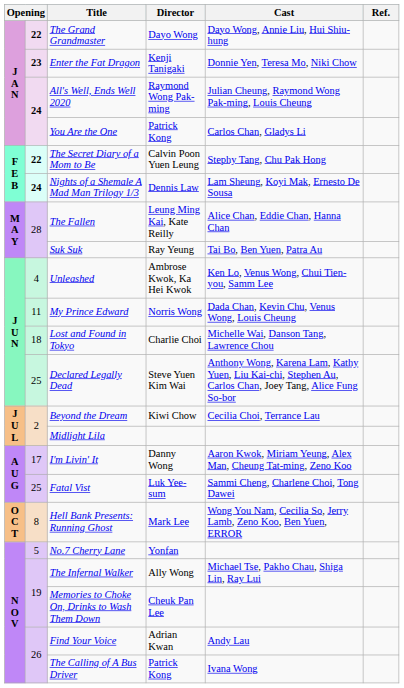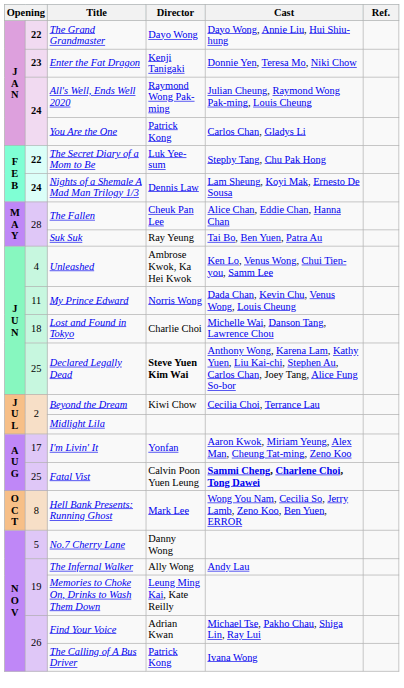 <table class="wikitable">
 <tr style="background:#b0e0e6; text-align:center;">
 <th colspan="2" style="width:6%;"><strong>Opening</strong></th>
 <th style="width:25%;"><strong>Title</strong></th>
 <th style="width:15%;"><strong>Director</strong></th>
 <th style="width:40%;"><strong>Cast</strong></th>
 <th>Ref.</th>
 </tr>
 <tr January>
 <td rowspan="4" style="text-align:center; background:plum; textcolor:#000;"><strong>J<br>A<br>N</strong></td>
 <td rowspan="1" style="text-align:center;background:#f1daf1;"><strong>22</strong></td>
 <td><em><a href='#'>The Grand Grandmaster</a></em></td>
 <td><a href='#'>Dayo Wong</a></td>
 <td><a href='#'>Dayo Wong</a>, <a href='#'>Annie Liu</a>, <a href='#'>Hui Shiu-hung</a></td>
 <td></td>
 </tr>
 <tr>
 <td rowspan="1" style="text-align:center;background:#f1daf1;"><strong>23</strong></td>
 <td><em><a href='#'>Enter the Fat Dragon</a></em></td>
 <td><a href='#'>Kenji Tanigaki</a></td>
 <td><a href='#'>Donnie Yen</a>, <a href='#'>Teresa Mo</a>, <a href='#'>Niki Chow</a></td>
 <td></td>
 </tr>
 <tr>
 <td rowspan="2" style="text-align:center;background:#f1daf1;"><strong>24</strong></td>
 <td><em><a href='#'>All's Well, Ends Well 2020</a></em></td>
 <td><a href='#'>Raymond Wong Pak-ming</a></td>
 <td><a href='#'>Julian Cheung</a>, <a href='#'>Raymond Wong Pak-ming</a>, <a href='#'>Louis Cheung</a></td>
 <td></td>
 </tr>
 <tr>
 <td><em><a href='#'>You Are the One</a></em></td>
 <td><a href='#'>Patrick Kong</a></td>
 <td><a href='#'>Carlos Chan</a>, <a href='#'>Gladys Li</a></td>
 <td></td>
 </tr>
 <tr>
 <td rowspan="2" style="text-align:center; background:#7FFFD4; textcolor:#000;"><strong>F<br>E<br>B</strong></td>
 <td rowspan="1" style="text-align:center;background:#dbfff8;"><strong>22</strong></td>
 <td><em><a href='#'>The Secret Diary of a Mom to Be</a></em></td>
-<td>Calvin Poon Yuen Leung</td>
+<td><a href='#'>Luk Yee-sum</a></td>
 <td><a href='#'>Stephy Tang</a>, <a href='#'>Chu Pak Hong</a></td>
 <td></td>
 </tr>
 <tr>
 <td rowspan="1" style="text-align:center;background:#dbfff8;"><strong>24</strong></td>
 <td><em><a href='#'>Nights of a Shemale A Mad Man Trilogy 1/3</a></em></td>
 <td><a href='#'>Dennis Law</a></td>
 <td><a href='#'>Lam Sheung</a>, <a href='#'>Koyi Mak</a>, <a href='#'>Ernesto De Sousa</a></td>
 <td></td>
 </tr>
 <tr>
 <th rowspan="2" style="text-align:center; background:#bf87f7">M<br>A<br>Y</th>
 <td rowspan="2" style="text-align:center; background:#dfc7f7">28</td>
 <td><em><a href='#'>The Fallen</a></em></td>
-<td><a href='#'>Leung Ming Kai</a>, Kate Reilly</td>
+<td><a href='#'>Cheuk Pan Lee</a></td>
 <td><a href='#'>Alice Chan</a>, <a href='#'>Eddie Chan</a>, <a href='#'>Hanna Chan</a></td>
 <td></td>
 </tr>
 <tr>
 <td><em><a href='#'>Suk Suk</a></em></td>
 <td>Ray Yeung</td>
 <td><a href='#'>Tai Bo</a>, <a href='#'>Ben Yuen</a>, <a href='#'>Patra Au</a></td>
 <td></td>
 </tr>
 <tr>
 <th rowspan="4" style="text-align:center; background:#87f7bf">J<br>U<br>N</th>
 <td rowspan="1" style="text-align:center; background:#c7f7df">4</td>
 <td><em><a href='#'>Unleashed</a></em></td>
 <td>Ambrose Kwok, Ka Hei Kwok</td>
 <td><a href='#'>Ken Lo</a>, <a href='#'>Venus Wong</a>, <a href='#'>Chui Tien-you</a>, <a href='#'>Samm Lee</a></td>
 <td></td>
 </tr>
 <tr>
 <td rowspan="1" style="text-align:center; background:#c7f7df">11</td>
 <td><em><a href='#'>My Prince Edward</a></em></td>
 <td><a href='#'>Norris Wong</a></td>
 <td><a href='#'>Dada Chan</a>, <a href='#'>Kevin Chu</a>, <a href='#'>Venus Wong</a>, <a href='#'>Louis Cheung</a></td>
 <td></td>
 </tr>
 <tr>
 <td rowspan="1" style="text-align:center; background:#c7f7df">18</td>
 <td><em><a href='#'>Lost and Found in Tokyo</a></em></td>
 <td>Charlie Choi</td>
 <td><a href='#'>Michelle Wai</a>, <a href='#'>Danson Tang</a>, <a href='#'>Lawrence Chou</a></td>
 <td></td>
 </tr>
 <tr>
 <td rowspan="1" style="text-align:center; background:#c7f7df">25</td>
 <td><em><a href='#'>Declared Legally Dead</a></em></td>
-<td>Steve Yuen Kim Wai</td>
+<td><strong>Steve Yuen Kim Wai</strong></td>
 <td><a href='#'>Anthony Wong</a>, <a href='#'>Karena Lam</a>, <a href='#'>Kathy Yuen</a>, <a href='#'>Liu Kai-chi</a>, <a href='#'>Stephen Au</a>, <a href='#'>Carlos Chan</a>, Joey Tang, <a href='#'>Alice Fung So-bor</a></td>
 <td></td>
 </tr>
 <tr>
 <th rowspan="2" style="text-align:center; background:#f7bf87">J<br>U<br>L</th>
 <td rowspan="2" style="text-align:center; background:#f7dfc7">2</td>
 <td><em><a href='#'>Beyond the Dream</a></em></td>
 <td>Kiwi Chow</td>
 <td><a href='#'>Cecilia Choi</a>, <a href='#'>Terrance Lau</a></td>
 <td></td>
 </tr>
 <tr>
 <td><em><a href='#'>Midlight Lila</a></em></td>
 <td></td>
 <td></td>
 <td></td>
 </tr>
 <tr>
 <th rowspan="2" style="text-align:center; background:#bf87f7">A<br>U<br>G</th>
 <td rowspan="1" style="text-align:center; background:#dfc7f7">17</td>
 <td><em><a href='#'>I'm Livin' It</a></em></td>
-<td>Danny Wong</td>
+<td><a href='#'>Yonfan</a></td>
 <td><a href='#'>Aaron Kwok</a>, <a href='#'>Miriam Yeung</a>, <a href='#'>Alex Man</a>, <a href='#'>Cheung Tat-ming</a>, <a href='#'>Zeno Koo</a></td>
 <td></td>
 </tr>
 <tr>
 <td rowspan="1" style="text-align:center; background:#dfc7f7">25</td>
 <td><em><a href='#'>Fatal Vist</a></em></td>
-<td><a href='#'>Luk Yee-sum</a></td>
-<td><a href='#'>Sammi Cheng</a>, <a href='#'>Charlene Choi</a>, <a href='#'>Tong Dawei</a></td>
+<td>Calvin Poon Yuen Leung</td>
+<td><strong><a href='#'>Sammi Cheng</a>, <a href='#'>Charlene Choi</a>, <a href='#'>Tong Dawei</a></strong></td>
 <td></td>
 </tr>
 <tr>
 <th rowspan="1" style="text-align:center; background:#f7bf87">O<br>C<br>T</th>
 <td rowspan="1" style="text-align:center; background:#f7dfc7">8</td>
 <td><em><a href='#'>Hell Bank Presents: Running Ghost</a></em></td>
 <td><a href='#'>Mark Lee</a></td>
 <td><a href='#'>Wong You Nam</a>, <a href='#'>Cecilia So</a>, <a href='#'>Jerry Lamb</a>, <a href='#'>Zeno Koo</a>, <a href='#'>Ben Yuen</a>, <a href='#'>ERROR</a></td>
 <td></td>
 </tr>
 <tr>
 <th rowspan="5" style="text-align:center; background:#bf87f7">N<br>O<br>V</th>
 <td rowspan="1" style="text-align:center; background:#dfc7f7">5</td>
 <td><em><a href='#'>No.7 Cherry Lane</a></em></td>
-<td><a href='#'>Yonfan</a></td>
+<td>Danny Wong</td>
 <td></td>
 <td></td>
 </tr>
 <tr>
 <td rowspan="2" style="text-align:center; background:#dfc7f7">19</td>
 <td><em><a href='#'>The Infernal Walker</a></em></td>
 <td>Ally Wong</td>
-<td><a href='#'>Michael Tse</a>, <a href='#'>Pakho Chau</a>, <a href='#'>Shiga Lin</a>, <a href='#'>Ray Lui</a></td>
+<td><a href='#'>Andy Lau</a></td>
 <td></td>
 </tr>
 <tr>
 <td><em><a href='#'>Memories to Choke On, Drinks to Wash Them Down</a></em></td>
-<td><a href='#'>Cheuk Pan Lee</a></td>
+<td><a href='#'>Leung Ming Kai</a>, Kate Reilly</td>
 <td></td>
 <td></td>
 </tr>
 <tr>
 <td rowspan="2" style="text-align:center; background:#dfc7f7">26</td>
 <td><em><a href='#'>Find Your Voice</a></em></td>
 <td>Adrian Kwan</td>
-<td><a href='#'>Andy Lau</a></td>
+<td><a href='#'>Michael Tse</a>, <a href='#'>Pakho Chau</a>, <a href='#'>Shiga Lin</a>, <a href='#'>Ray Lui</a></td>
 <td></td>
 </tr>
 <tr>
 <td><em><a href='#'>The Calling of A Bus Driver</a></em></td>
 <td><a href='#'>Patrick Kong</a></td>
 <td><a href='#'>Ivana Wong</a></td>
 <td></td>
 </tr>
 </table>
